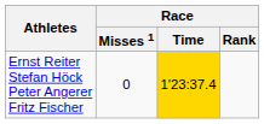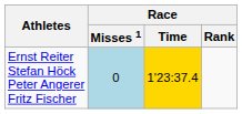 <table class="wikitable" border="1" style="font-size:90%">
 <tr>
 <th rowspan=2>Athletes</th>
 <th colspan=3>Race</th>
 </tr>
 <tr>
 <th>Misses <sup>1</sup></th>
 <th>Time</th>
 <th>Rank</th>
 </tr>
 <tr>
 <td><a href='#'>Ernst Reiter</a><br><a href='#'>Stefan Höck</a><br><a href='#'>Peter Angerer</a><br><a href='#'>Fritz Fischer</a></td>
-<td align=center>0</td>
+<td align=center style="background: lightblue;">0</td>
 <td align=center style="background: gold;">1'23:37.4</td>
 <td align=center></td>
 </tr>
 </table>
